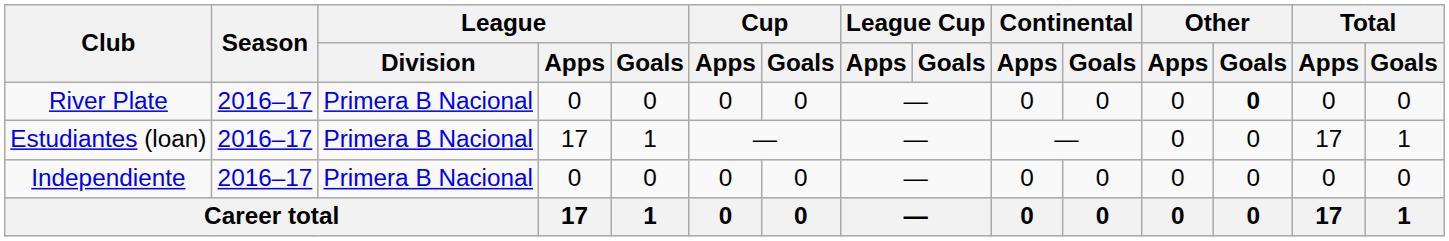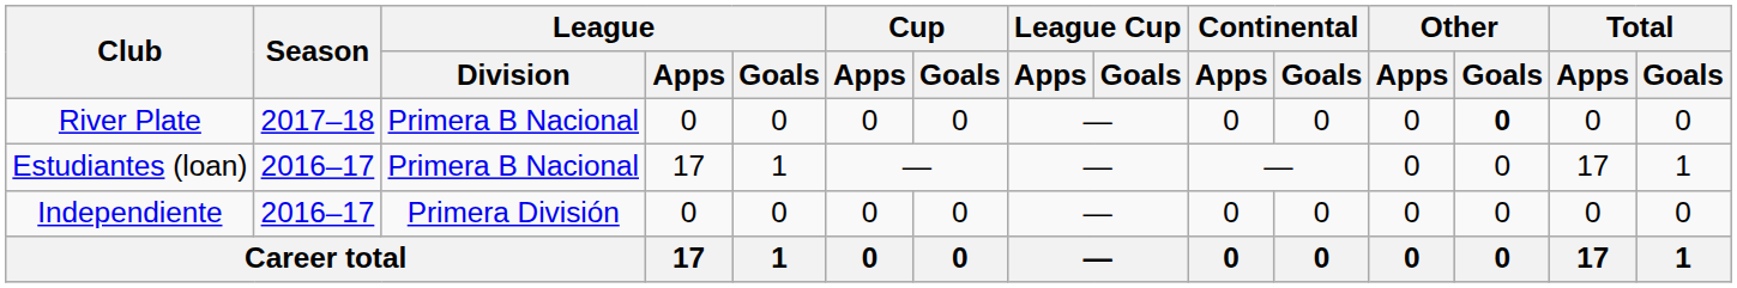 <table class="wikitable" style="text-align:center">
 <tr>
 <th rowspan="2">Club</th>
 <th rowspan="2">Season</th>
 <th colspan="3">League</th>
 <th colspan="2">Cup</th>
 <th colspan="2">League Cup</th>
 <th colspan="2">Continental</th>
 <th colspan="2">Other</th>
 <th colspan="2">Total</th>
 </tr>
 <tr>
 <th>Division</th>
 <th>Apps</th>
 <th>Goals</th>
 <th>Apps</th>
 <th>Goals</th>
 <th>Apps</th>
 <th>Goals</th>
 <th>Apps</th>
 <th>Goals</th>
 <th>Apps</th>
 <th>Goals</th>
 <th>Apps</th>
 <th>Goals</th>
 </tr>
 <tr>
 <td rowspan="1"><a href='#'>River Plate</a></td>
-<td><a href='#'>2016–17</a></td>
+<td><a href='#'>2017–18</a></td>
 <td rowspan="1"><a href='#'>Primera B Nacional</a></td>
 <td>0</td>
 <td>0</td>
 <td>0</td>
 <td>0</td>
 <td colspan="2">—</td>
 <td>0</td>
 <td>0</td>
 <td>0</td>
 <td><strong>0</strong></td>
 <td>0</td>
 <td>0</td>
 </tr>
 <tr>
 <td rowspan="1"><a href='#'>Estudiantes</a> (loan)</td>
 <td><a href='#'>2016–17</a></td>
 <td rowspan="1"><a href='#'>Primera B Nacional</a></td>
 <td>17</td>
 <td>1</td>
 <td colspan="2">—</td>
 <td colspan="2">—</td>
 <td colspan="2">—</td>
 <td>0</td>
 <td>0</td>
 <td>17</td>
 <td>1</td>
 </tr>
 <tr>
 <td rowspan="1"><a href='#'>Independiente</a></td>
 <td><a href='#'>2016–17</a></td>
-<td rowspan="1"><a href='#'>Primera B Nacional</a></td>
+<td rowspan="1"><a href='#'>Primera División</a></td>
 <td>0</td>
 <td>0</td>
 <td>0</td>
 <td>0</td>
 <td colspan="2">—</td>
 <td>0</td>
 <td>0</td>
 <td>0</td>
 <td>0</td>
 <td>0</td>
 <td>0</td>
 </tr>
 <tr>
 <th colspan="3">Career total</th>
 <th>17</th>
 <th>1</th>
 <th>0</th>
 <th>0</th>
 <th colspan="2">—</th>
 <th>0</th>
 <th>0</th>
 <th>0</th>
 <th>0</th>
 <th>17</th>
 <th>1</th>
 </tr>
 </table>
